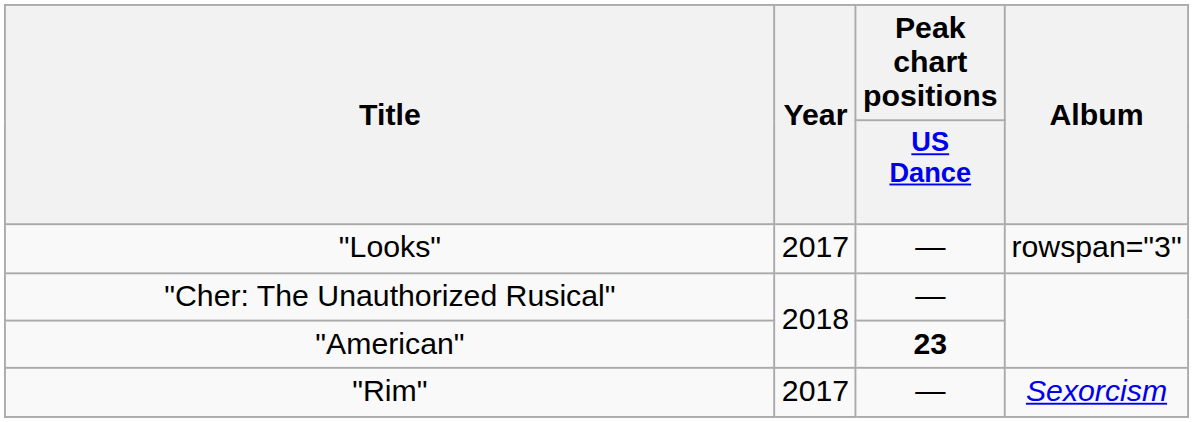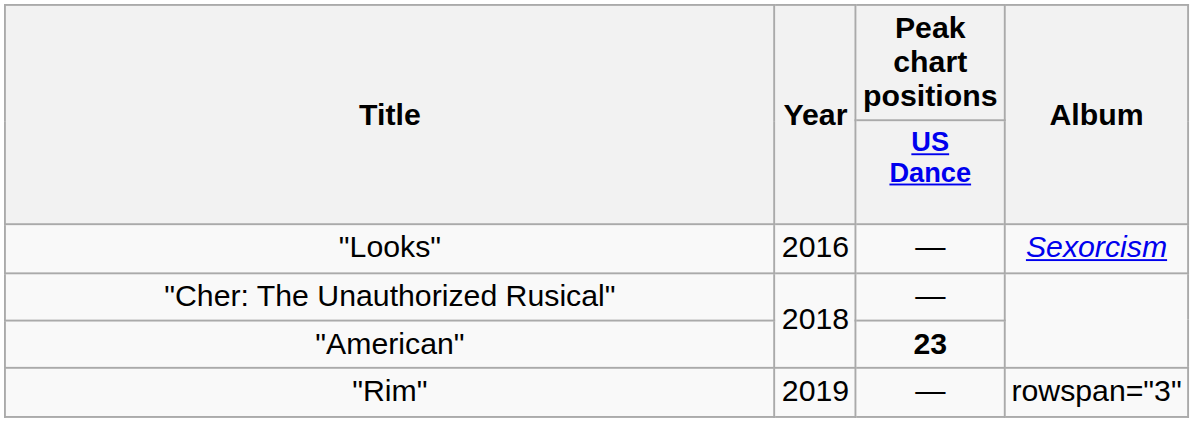 <table class="wikitable plainrowheaders" style="text-align:center;" border="1">
 <tr>
 <th scope="col" rowspan="2" style="width:25em;">Title</th>
 <th scope="col" rowspan="2">Year</th>
 <th scope="col" colspan="1">Peak chart positions</th>
 <th scope="col" rowspan="2">Album</th>
 </tr>
 <tr>
 <th scope="col" style="width:3em;font-size:90%;"><a href='#'>US<br>Dance<br></a><br></th>
 </tr>
 <tr>
 <td>"Looks"<br></td>
-<td>2017</td>
+<td>2016</td>
 <td>—</td>
-<td>rowspan="3" </td>
+<td><em><a href='#'>Sexorcism</a></em></td>
 </tr>
 <tr>
 <td>"Cher: The Unauthorized Rusical"<br></td>
 <td rowspan="2">2018</td>
 <td>—</td>
 </tr>
 <tr>
 <td>"American"<br></td>
 <td><strong>23</strong></td>
 </tr>
 <tr>
 <td>"Rim"<br></td>
-<td>2017</td>
+<td>2019</td>
 <td>—</td>
-<td><em><a href='#'>Sexorcism</a></em></td>
+<td>rowspan="3" </td>
 </tr>
 </table>
